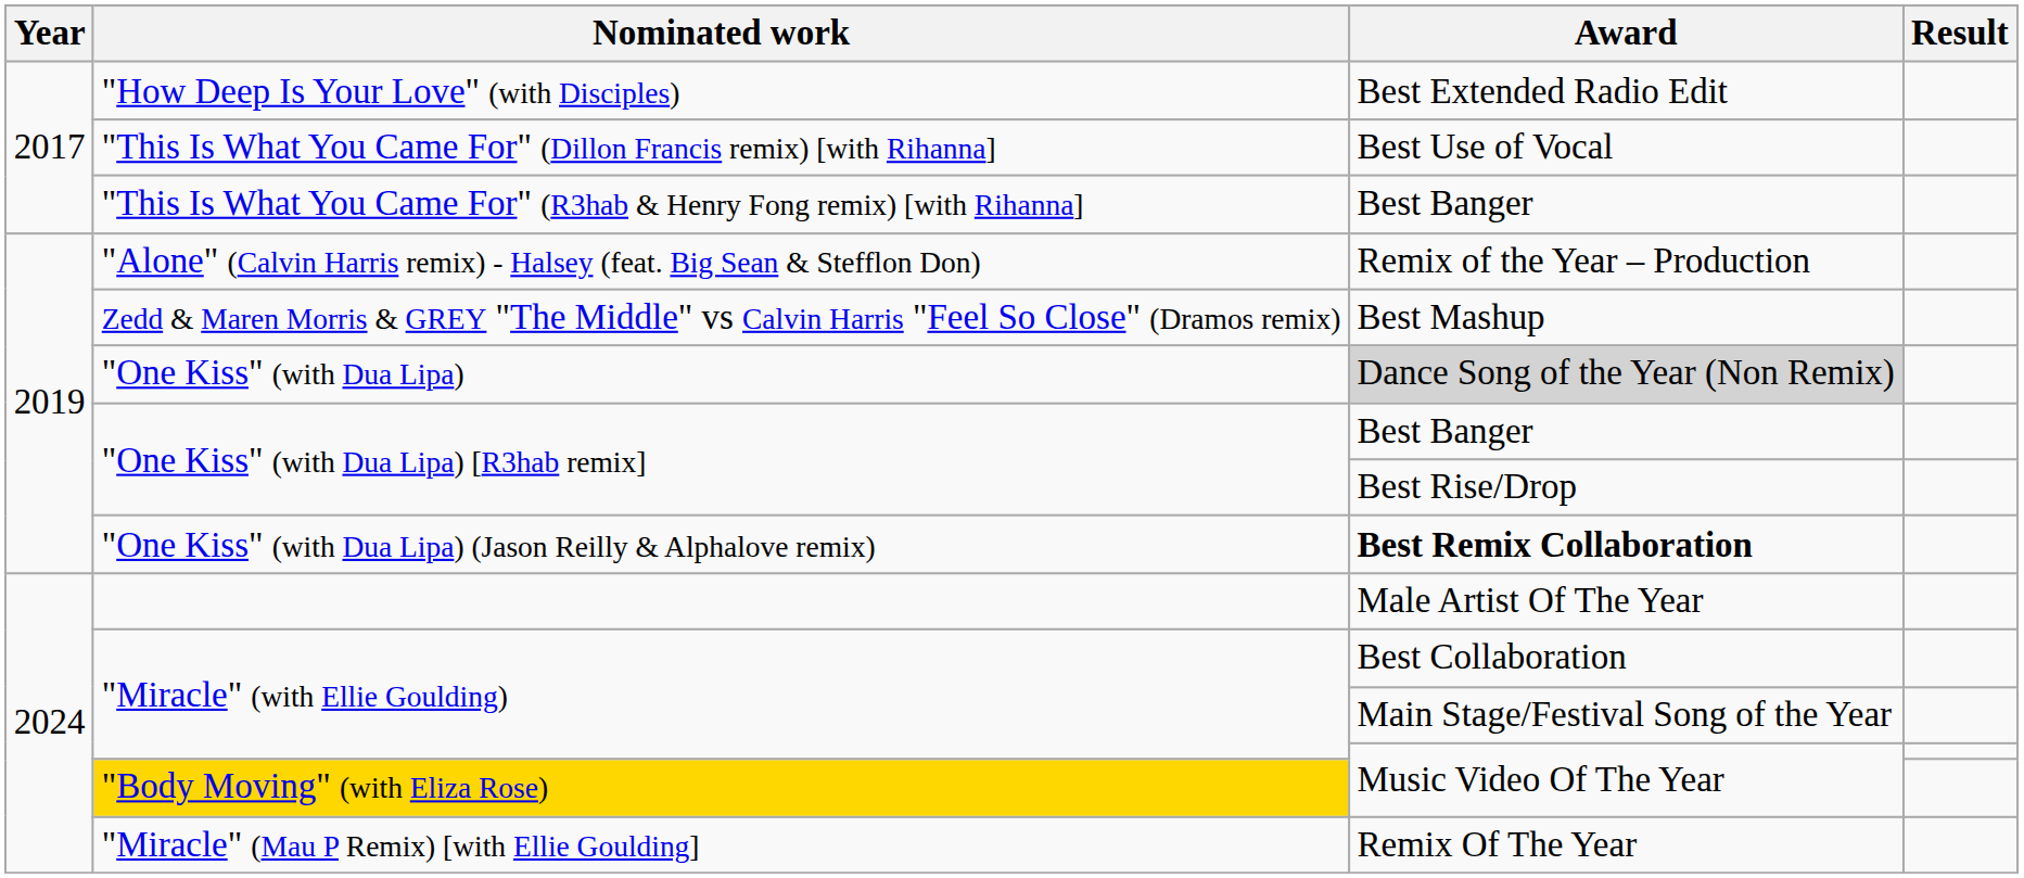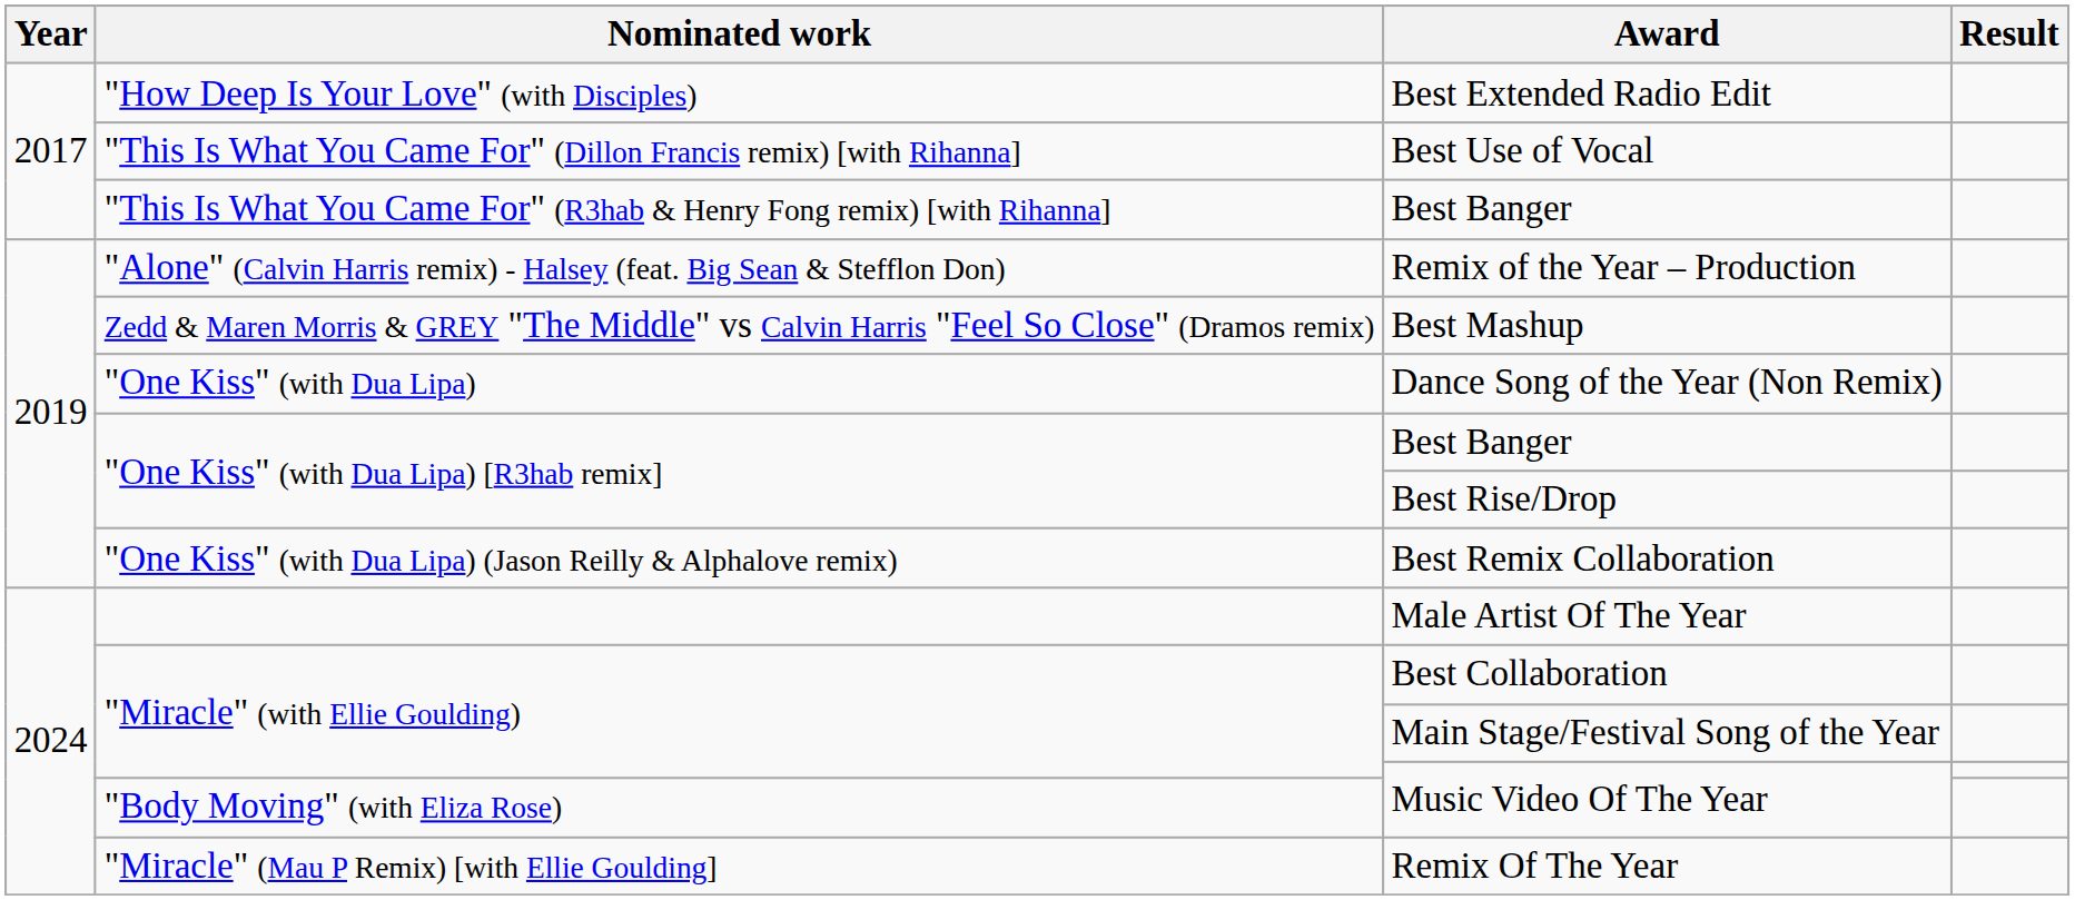 <table class="wikitable">
 <tr>
 <th>Year</th>
 <th>Nominated work</th>
 <th>Award</th>
 <th>Result</th>
 </tr>
 <tr>
 <td rowspan="3">2017</td>
 <td>"<a href='#'>How Deep Is Your Love</a>" <small>(with <a href='#'>Disciples</a>)</small></td>
 <td>Best Extended Radio Edit</td>
 <td></td>
 </tr>
 <tr>
 <td>"<a href='#'>This Is What You Came For</a>" <small>(<a href='#'>Dillon Francis</a> remix) [with <a href='#'>Rihanna</a>]</small></td>
 <td>Best Use of Vocal</td>
 <td></td>
 </tr>
 <tr>
 <td>"<a href='#'>This Is What You Came For</a>" <small>(<a href='#'>R3hab</a> & Henry Fong remix) [with <a href='#'>Rihanna</a>]</small></td>
 <td>Best Banger</td>
 <td></td>
 </tr>
 <tr>
 <td rowspan="6">2019</td>
 <td>"<a href='#'>Alone</a>" <small>(<a href='#'>Calvin Harris</a> remix) - <a href='#'>Halsey</a> (feat. <a href='#'>Big Sean</a> & Stefflon Don)</small></td>
 <td>Remix of the Year – Production</td>
 <td></td>
 </tr>
 <tr>
 <td><small><a href='#'>Zedd</a> & <a href='#'>Maren Morris</a> & <a href='#'>GREY</a></small> "<a href='#'>The Middle</a>" vs <a href='#'><small>Calvin Harris</small></a> "<a href='#'>Feel So Close</a>" <small>(Dramos remix)</small></td>
 <td>Best Mashup</td>
 <td></td>
 </tr>
 <tr>
 <td>"<a href='#'>One Kiss</a>" <small>(with <a href='#'>Dua Lipa</a>)</small></td>
-<td style="background: lightgrey;">Dance Song of the Year (Non Remix)</td>
+<td>Dance Song of the Year (Non Remix)</td>
 <td></td>
 </tr>
 <tr>
 <td rowspan="2">"<a href='#'>One Kiss</a>" <small>(with <a href='#'>Dua Lipa</a>) [<a href='#'>R3hab</a> remix]</small></td>
 <td>Best Banger</td>
 <td></td>
 </tr>
 <tr>
 <td>Best Rise/Drop</td>
 <td></td>
 </tr>
 <tr>
 <td>"<a href='#'>One Kiss</a>" <small>(with <a href='#'>Dua Lipa</a>) (Jason Reilly & Alphalove remix)</small></td>
-<td><strong>Best Remix Collaboration</strong></td>
+<td>Best Remix Collaboration</td>
 <td></td>
 </tr>
 <tr>
 <td rowspan="6">2024</td>
 <td></td>
 <td>Male Artist Of The Year</td>
 <td></td>
 </tr>
 <tr>
 <td rowspan="3">"<a href='#'>Miracle</a>" <small>(with <a href='#'>Ellie Goulding</a>)</small></td>
 <td>Best Collaboration</td>
 <td></td>
 </tr>
 <tr>
 <td>Main Stage/Festival Song of the Year</td>
 <td></td>
 </tr>
 <tr>
 <td rowspan="2">Music Video Of The Year</td>
 <td></td>
 </tr>
 <tr>
-<td style="background: gold;">"<a href='#'>Body Moving</a>" <small>(with <a href='#'>Eliza Rose</a>)</small></td>
+<td>"<a href='#'>Body Moving</a>" <small>(with <a href='#'>Eliza Rose</a>)</small></td>
 <td></td>
 </tr>
 <tr>
 <td>"<a href='#'>Miracle</a>" <small>(<a href='#'>Mau P</a> Remix) [with <a href='#'>Ellie Goulding</a>]</small></td>
 <td>Remix Of The Year</td>
 <td></td>
 </tr>
 </table>
